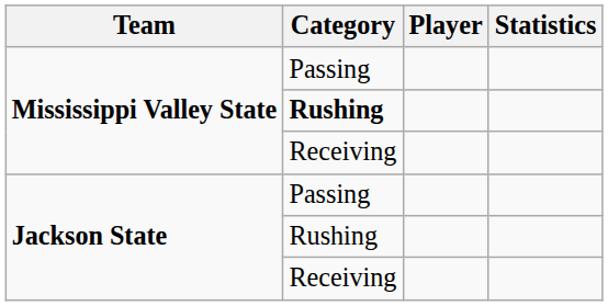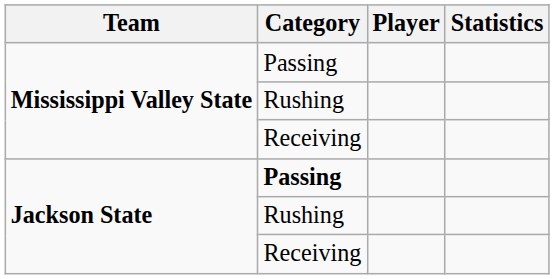 <table class="wikitable" style="float: right;">
 <tr>
 <th>Team</th>
 <th>Category</th>
 <th>Player</th>
 <th>Statistics</th>
 </tr>
 <tr>
 <td rowspan=3><strong>Mississippi Valley State</strong></td>
 <td>Passing</td>
 <td></td>
 <td></td>
 </tr>
 <tr>
-<td><strong>Rushing</strong></td>
+<td>Rushing</td>
 <td></td>
 <td></td>
 </tr>
 <tr>
 <td>Receiving</td>
 <td></td>
 <td></td>
 </tr>
 <tr>
 <td rowspan=3><strong>Jackson State</strong></td>
-<td>Passing</td>
+<td><strong>Passing</strong></td>
 <td></td>
 <td></td>
 </tr>
 <tr>
 <td>Rushing</td>
 <td></td>
 <td></td>
 </tr>
 <tr>
 <td>Receiving</td>
 <td></td>
 <td></td>
 </tr>
 </table>
